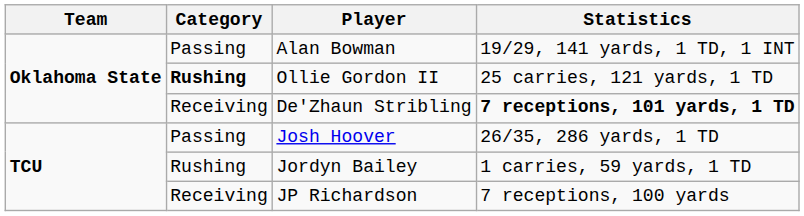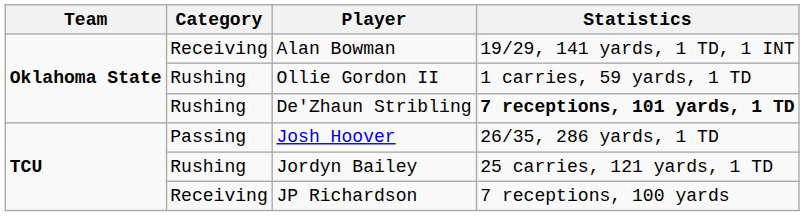 <table class="wikitable" style="float: right;">
 <tr>
 <th>Team</th>
 <th>Category</th>
 <th>Player</th>
 <th>Statistics</th>
 </tr>
 <tr>
 <td rowspan=3><strong>Oklahoma State</strong></td>
-<td>Passing</td>
+<td>Receiving</td>
 <td>Alan Bowman</td>
 <td>19/29, 141 yards, 1 TD, 1 INT</td>
 </tr>
 <tr>
-<td><strong>Rushing</strong></td>
+<td>Rushing</td>
 <td>Ollie Gordon II</td>
-<td>25 carries, 121 yards, 1 TD</td>
+<td>1 carries, 59 yards, 1 TD</td>
 </tr>
 <tr>
-<td>Receiving</td>
+<td>Rushing</td>
 <td>De'Zhaun Stribling</td>
 <td><strong>7 receptions, 101 yards, 1 TD</strong></td>
 </tr>
 <tr>
 <td rowspan=3><strong>TCU</strong></td>
 <td>Passing</td>
 <td><a href='#'>Josh Hoover</a></td>
 <td>26/35, 286 yards, 1 TD</td>
 </tr>
 <tr>
 <td>Rushing</td>
 <td>Jordyn Bailey</td>
-<td>1 carries, 59 yards, 1 TD</td>
+<td>25 carries, 121 yards, 1 TD</td>
 </tr>
 <tr>
 <td>Receiving</td>
 <td>JP Richardson</td>
 <td>7 receptions, 100 yards</td>
 </tr>
 </table>
